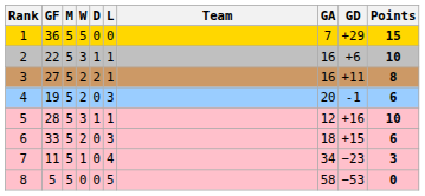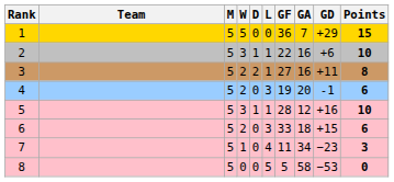 <table class="wikitable sortable" style="text-align:center">
 <tr>
 <th>Rank</th>
-<th>GF</th>
+<th width=200>Team</th>
 <th>M</th>
 <th>W</th>
 <th>D</th>
 <th>L</th>
-<th width=200>Team</th>
+<th>GF</th>
 <th>GA</th>
 <th>GD</th>
 <th>Points</th>
 </tr>
 <tr bgcolor=gold>
 <td>1</td>
-<td>36</td>
+<td align=left></td>
 <td>5</td>
 <td>5</td>
 <td>0</td>
 <td>0</td>
-<td align=left></td>
+<td>36</td>
 <td>7</td>
 <td>+29</td>
 <td><strong>15</strong></td>
 </tr>
 <tr bgcolor=silver>
 <td>2</td>
-<td>22</td>
+<td align=left></td>
 <td>5</td>
 <td>3</td>
 <td>1</td>
 <td>1</td>
-<td align=left></td>
+<td>22</td>
 <td>16</td>
 <td>+6</td>
 <td><strong>10</strong></td>
 </tr>
 <tr bgcolor=#cc9966>
 <td>3</td>
-<td>27</td>
+<td align=left></td>
 <td>5</td>
 <td>2</td>
 <td>2</td>
 <td>1</td>
-<td align=left></td>
+<td>27</td>
 <td>16</td>
 <td>+11</td>
 <td><strong>8</strong></td>
 </tr>
 <tr bgcolor=#9acdff>
 <td>4</td>
-<td>19</td>
+<td align=left></td>
 <td>5</td>
 <td>2</td>
 <td>0</td>
 <td>3</td>
-<td align=left></td>
+<td>19</td>
 <td>20</td>
 <td>-1</td>
 <td><strong>6</strong></td>
 </tr>
 <tr bgcolor=pink>
 <td>5</td>
-<td>28</td>
+<td align=left></td>
 <td>5</td>
 <td>3</td>
 <td>1</td>
 <td>1</td>
-<td align=left></td>
+<td>28</td>
 <td>12</td>
 <td>+16</td>
 <td><strong>10</strong></td>
 </tr>
 <tr bgcolor=pink>
 <td>6</td>
-<td>33</td>
+<td align=left></td>
 <td>5</td>
 <td>2</td>
 <td>0</td>
 <td>3</td>
-<td align=left></td>
+<td>33</td>
 <td>18</td>
 <td>+15</td>
 <td><strong>6</strong></td>
 </tr>
 <tr bgcolor=pink>
 <td>7</td>
-<td>11</td>
+<td align=left></td>
 <td>5</td>
 <td>1</td>
 <td>0</td>
 <td>4</td>
-<td align=left></td>
+<td>11</td>
 <td>34</td>
 <td>−23</td>
 <td><strong>3</strong></td>
 </tr>
 <tr bgcolor=pink>
 <td>8</td>
-<td>5</td>
+<td align=left></td>
 <td>5</td>
 <td>0</td>
 <td>0</td>
 <td>5</td>
-<td align=left></td>
+<td>5</td>
 <td>58</td>
 <td>−53</td>
 <td><strong>0</strong></td>
 </tr>
 </table>
